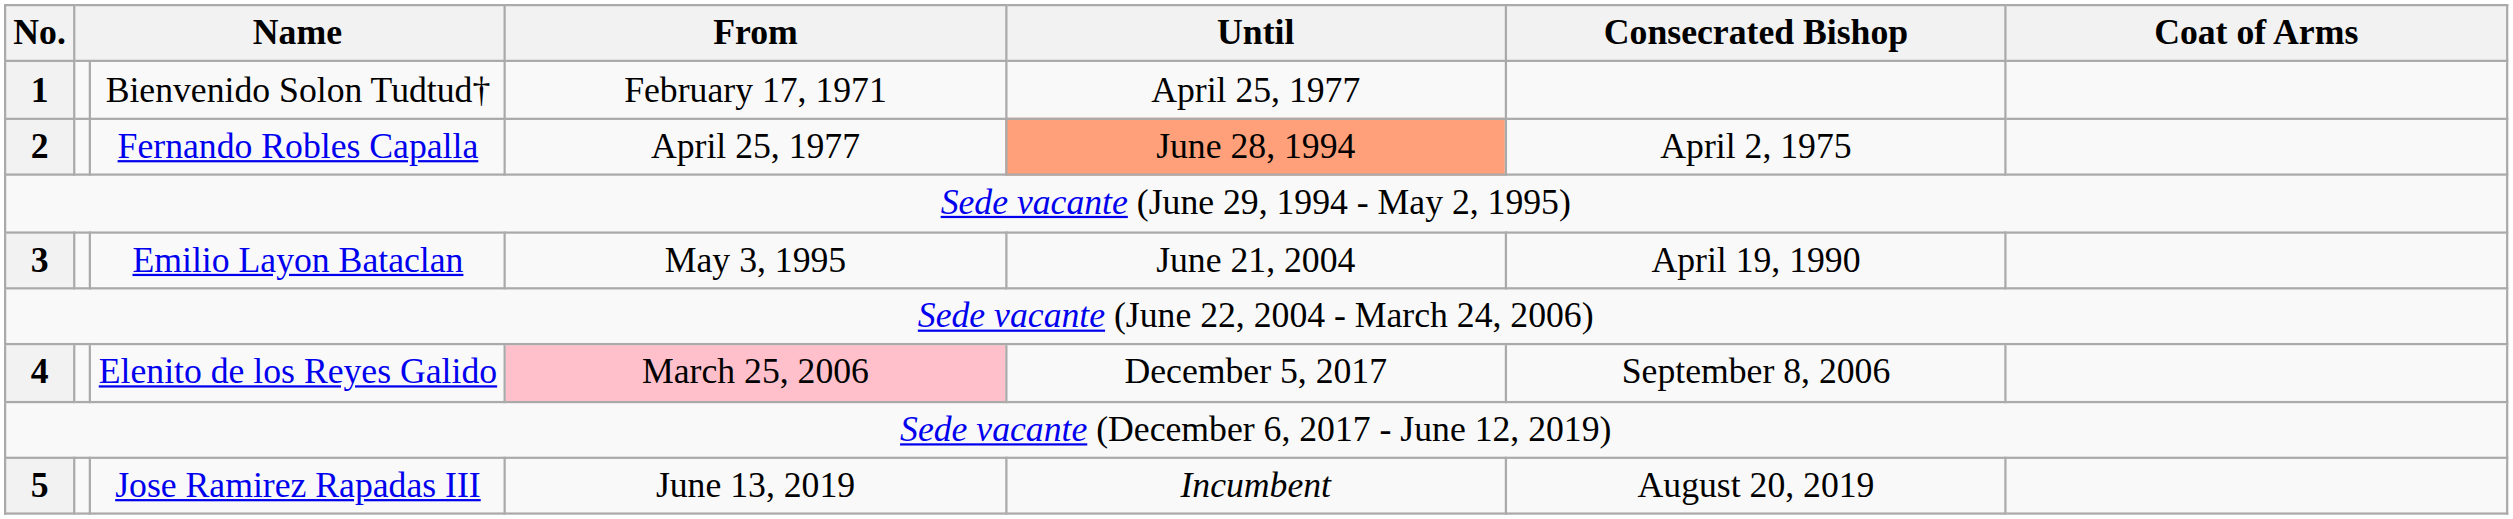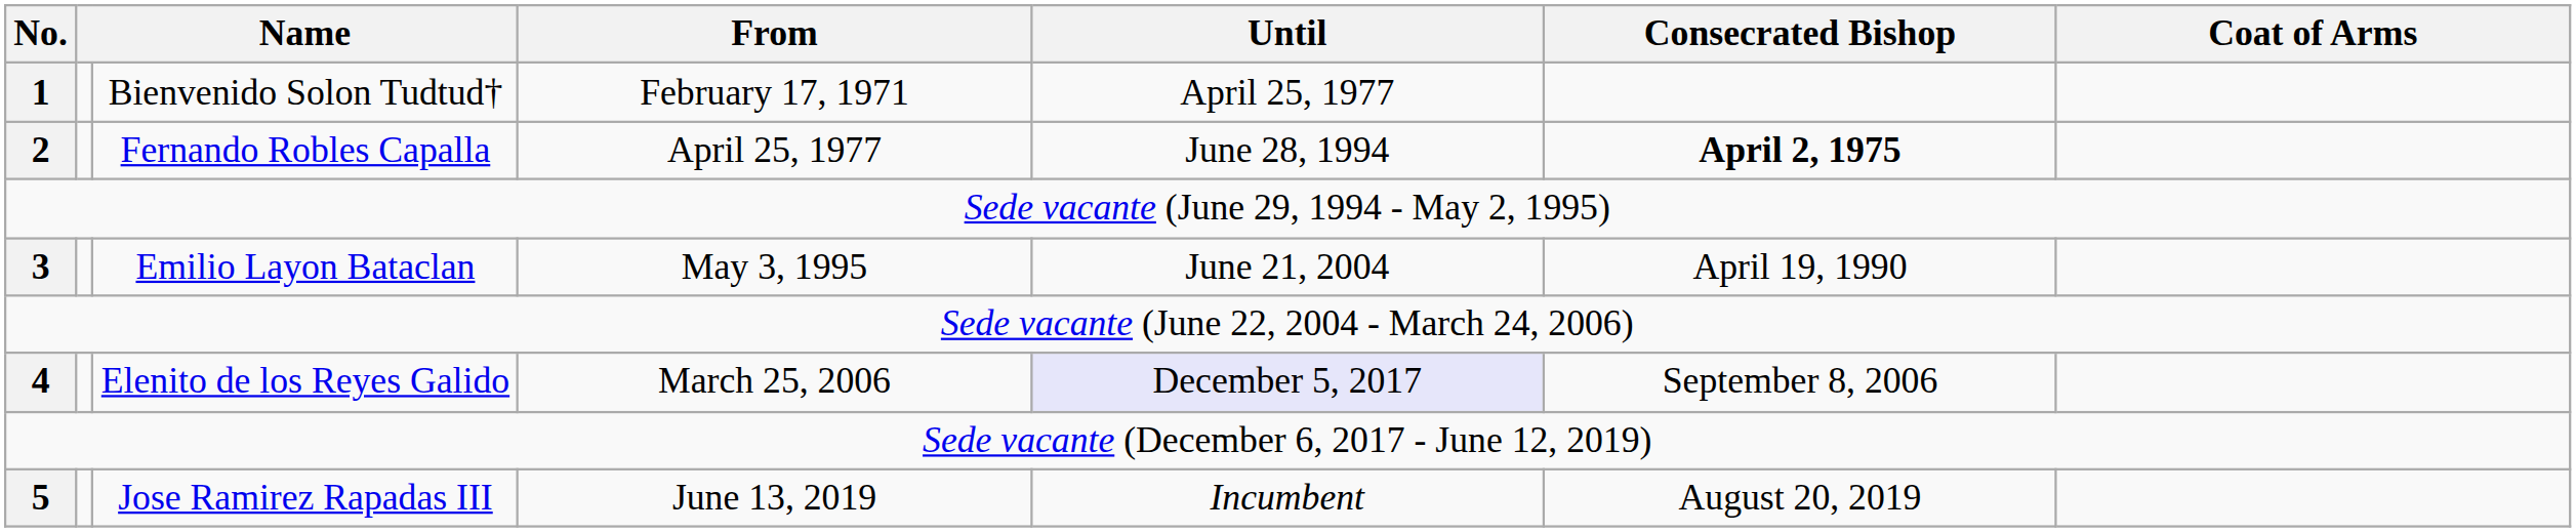 <table class="wikitable" style="text-align:center;">
 <tr>
 <th scope="col">No.</th>
 <th scope="col" style="border-right:none;"></th>
 <th scope="col" style="border-left:none;">Name</th>
 <th scope="col" style="width:20%;">From</th>
 <th scope="col" style="width:20%;">Until</th>
 <th scope="col" style="width:20%;">Consecrated Bishop</th>
 <th scope="col" style="width:20%;">Coat of Arms</th>
 </tr>
 <tr>
 <th scope="row">1</th>
 <td></td>
 <td>Bienvenido Solon Tudtud†</td>
 <td>February 17, 1971<br></td>
 <td>April 25, 1977<br></td>
 <td></td>
 <td></td>
 </tr>
 <tr>
 <th scope="row">2</th>
 <td></td>
 <td><a href='#'>Fernando Robles Capalla</a></td>
 <td>April 25, 1977<br></td>
-<td style="background: lightsalmon;">June 28, 1994<br></td>
-<td>April 2, 1975</td>
+<td>June 28, 1994<br></td>
+<td><strong>April 2, 1975</strong></td>
 <td></td>
 </tr>
 <tr>
 <td colspan="7"><em><a href='#'>Sede vacante</a></em> (June 29, 1994 - May 2, 1995)</td>
 </tr>
 <tr>
 <th scope="row">3</th>
 <td></td>
 <td><a href='#'>Emilio Layon Bataclan</a></td>
 <td>May 3, 1995<br></td>
 <td>June 21, 2004<br></td>
 <td>April 19, 1990</td>
 <td></td>
 </tr>
 <tr>
 <td colspan="7"><em><a href='#'>Sede vacante</a></em> (June 22, 2004 - March 24, 2006)</td>
 </tr>
 <tr>
 <th scope="row">4</th>
 <td></td>
 <td><a href='#'>Elenito de los Reyes Galido</a></td>
-<td style="background: pink;">March 25, 2006<br></td>
-<td>December 5, 2017<br></td>
+<td>March 25, 2006<br></td>
+<td style="background: lavender;">December 5, 2017<br></td>
 <td>September 8, 2006</td>
 <td></td>
 </tr>
 <tr>
 <td colspan="7"><em><a href='#'>Sede vacante</a></em> (December 6, 2017 - June 12, 2019)<br></td>
 </tr>
 <tr>
 <th scope="row">5</th>
 <td></td>
 <td><a href='#'>Jose Ramirez Rapadas III</a></td>
 <td>June 13, 2019<br></td>
 <td><em>Incumbent</em></td>
 <td>August 20, 2019</td>
 <td></td>
 </tr>
 </table>
